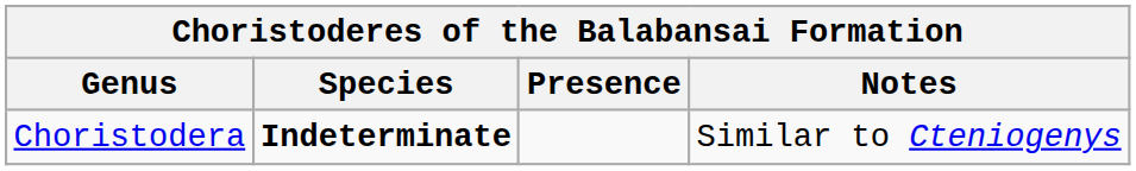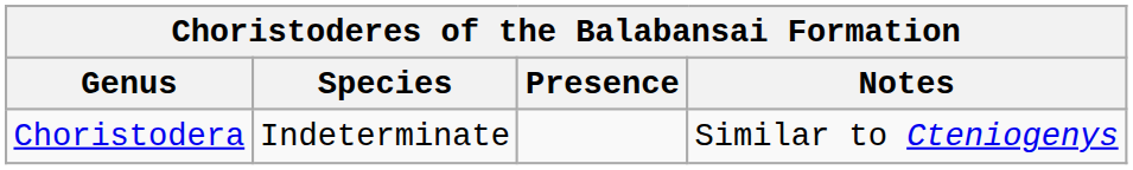 <table class="wikitable" align="center">
 <tr>
 <th colspan="4" align="center">Choristoderes <strong>of the Balabansai Formation</strong></th>
 </tr>
 <tr>
 <th>Genus</th>
 <th>Species</th>
 <th>Presence</th>
 <th>Notes</th>
 </tr>
 <tr>
 <td><a href='#'>Choristodera</a></td>
-<td><strong>Indeterminate</strong></td>
+<td>Indeterminate</td>
 <td></td>
 <td>Similar to <em><a href='#'>Cteniogenys</a></em></td>
 </tr>
 </table>
